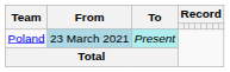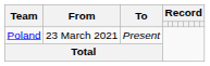 <table class="wikitable" style="text-align: center;">
 <tr>
 <th rowspan="2">Team</th>
 <th rowspan="2">From</th>
 <th rowspan="2">To</th>
 <th colspan="8">Record</th>
 </tr>
 <tr>
 <th></th>
 <th></th>
 <th></th>
 <th></th>
 <th></th>
 <th></th>
 <th></th>
 <th></th>
 </tr>
 <tr>
 <td align=left><a href='#'>Poland</a></td>
-<td align=left style="background: lightblue;">23 March 2021</td>
-<td align=left style="background: paleturquoise;"><em>Present</em><br></td>
+<td align=left>23 March 2021</td>
+<td align=left><em>Present</em><br></td>
 </tr>
 <tr>
 <th colspan="3">Total<br></th>
 </tr>
 </table>
